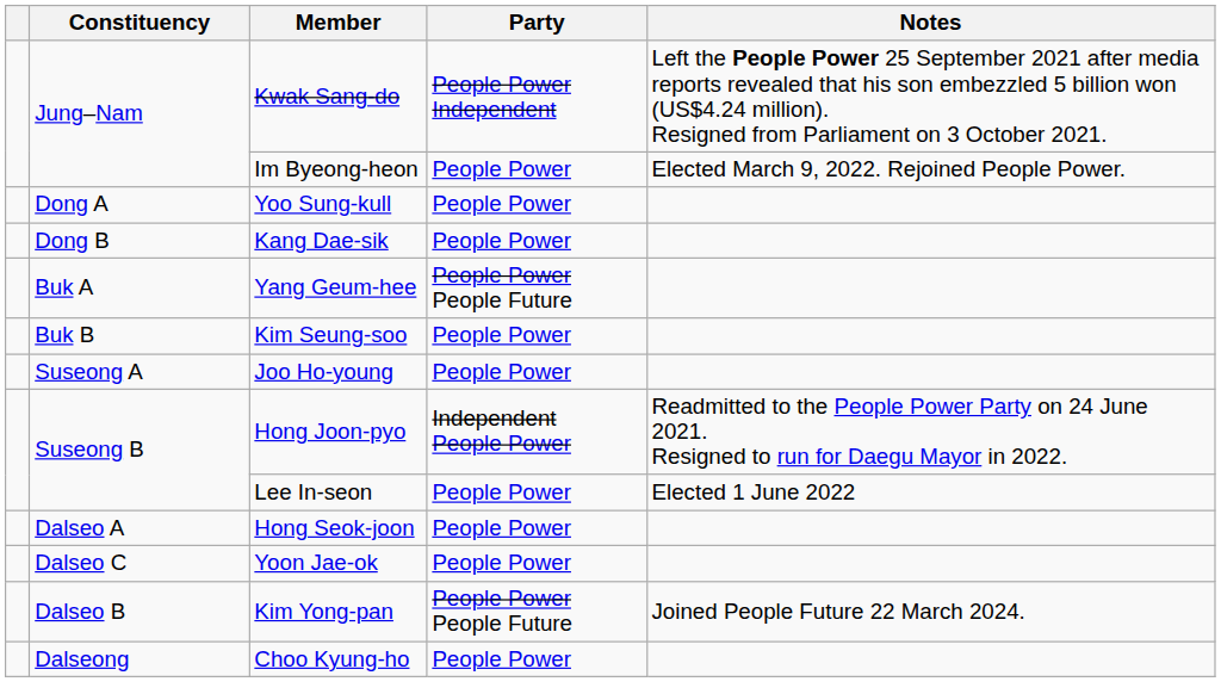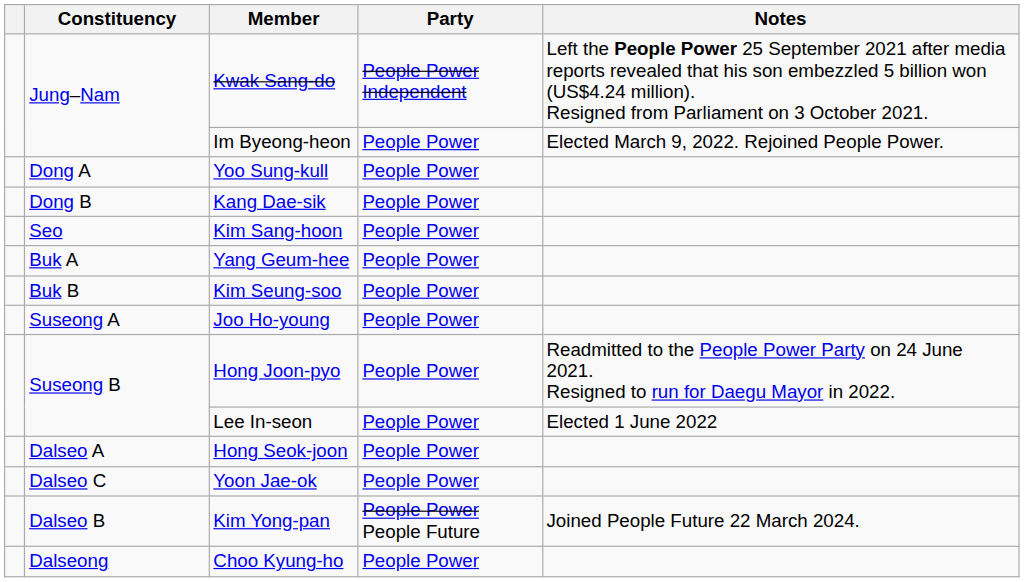 <table class="wikitable sortable">
 <tr>
 <th scope="col" style="width:10px;" class="unsortable"></th>
 <th scope="col" style="width:150px;">Constituency</th>
 <th scope="col" style="width:120px;">Member</th>
 <th scope="col" style="width:150px;">Party</th>
 <th scope="col" style="width:400px;" class="unsortable">Notes</th>
 </tr>
 <tr>
 <td rowspan="2" scope="row" style="background-color:"></td>
 <td rowspan="2"><a href='#'>Jung</a>–<a href='#'>Nam</a></td>
 <td><s><a href='#'>Kwak Sang-do</a></s></td>
 <td><s><a href='#'>People Power</a></s> <br><s><a href='#'>Independent</a></s></td>
 <td>Left the <strong>People Power</strong> 25 September 2021 after media reports revealed that his son embezzled 5 billion won (US$4.24 million).<br>Resigned from Parliament on 3 October 2021.</td>
 </tr>
 <tr>
 <td>Im Byeong-heon</td>
 <td><a href='#'>People Power</a></td>
 <td>Elected March 9, 2022. Rejoined People Power.</td>
 </tr>
 <tr>
 <td scope="row" style="background-color:"></td>
 <td><a href='#'>Dong</a> A</td>
 <td><a href='#'>Yoo Sung-kull</a></td>
 <td><a href='#'>People Power</a></td>
 <td></td>
 </tr>
 <tr>
 <td scope="row" style="background-color:"></td>
 <td><a href='#'>Dong</a> B</td>
 <td><a href='#'>Kang Dae-sik</a></td>
 <td><a href='#'>People Power</a></td>
 <td></td>
 </tr>
 <tr>
 <td scope="row" style="background-color:"></td>
+<td><a href='#'>Seo</a></td>
+<td><a href='#'>Kim Sang-hoon</a></td>
+<td><a href='#'>People Power</a></td>
+<td></td>
+</tr>
+<tr>
+<td scope="row" style="background-color:"></td>
 <td><a href='#'>Buk</a> A</td>
 <td><a href='#'>Yang Geum-hee</a></td>
-<td><s><a href='#'>People Power</a></s><br>People Future</td>
+<td><a href='#'>People Power</a></td>
 <td></td>
 </tr>
 <tr>
 <td scope="row" style="background-color:"></td>
 <td><a href='#'>Buk</a> B</td>
 <td><a href='#'>Kim Seung-soo</a></td>
 <td><a href='#'>People Power</a></td>
 <td></td>
 </tr>
 <tr>
 <td scope="row" style="background-color:"></td>
 <td><a href='#'>Suseong</a> A</td>
 <td><a href='#'>Joo Ho-young</a></td>
 <td><a href='#'>People Power</a></td>
 <td></td>
 </tr>
 <tr>
 <td rowspan="2" scope="row" style="background-color:"></td>
 <td rowspan="2"><a href='#'>Suseong</a> B</td>
 <td><a href='#'>Hong Joon-pyo</a></td>
-<td><s>Independent</s><br><s><a href='#'>People Power</a></s></td>
+<td><a href='#'>People Power</a></td>
 <td>Readmitted to the <a href='#'>People Power Party</a> on 24 June 2021.<br> Resigned to <a href='#'>run for Daegu Mayor</a> in 2022.</td>
 </tr>
 <tr>
 <td>Lee In-seon</td>
 <td><a href='#'>People Power</a></td>
 <td>Elected 1 June 2022</td>
 </tr>
 <tr>
 <td scope="row" style="background-color:"></td>
 <td><a href='#'>Dalseo</a> A</td>
 <td><a href='#'>Hong Seok-joon</a></td>
 <td><a href='#'>People Power</a></td>
 <td></td>
 </tr>
 <tr>
 <td scope="row" style="background-color:"></td>
 <td><a href='#'>Dalseo</a> C</td>
 <td><a href='#'>Yoon Jae-ok</a></td>
 <td><a href='#'>People Power</a></td>
 <td></td>
 </tr>
 <tr>
 <td scope="row" style="background-color:"></td>
 <td><a href='#'>Dalseo</a> B</td>
 <td><a href='#'>Kim Yong-pan</a></td>
 <td><s><a href='#'>People Power</a></s><br>People Future</td>
 <td>Joined People Future 22 March 2024.</td>
 </tr>
 <tr>
 <td scope="row" style="background-color:"></td>
 <td><a href='#'>Dalseong</a></td>
 <td><a href='#'>Choo Kyung-ho</a></td>
 <td><a href='#'>People Power</a></td>
 <td></td>
 </tr>
 </table>
